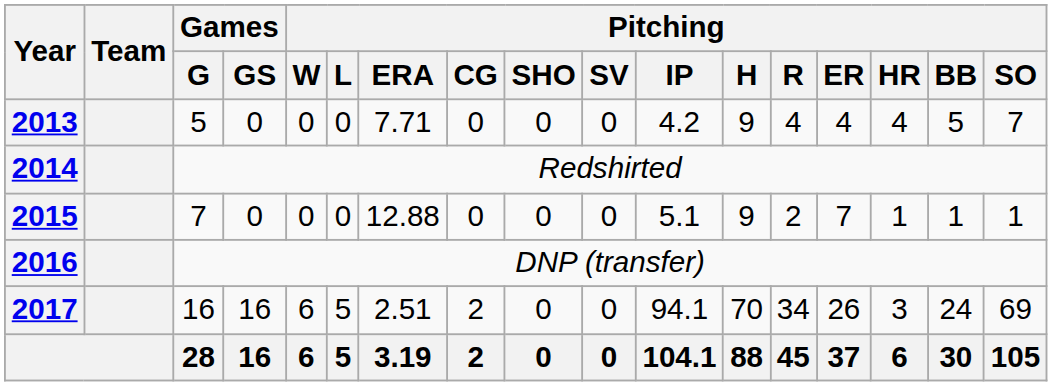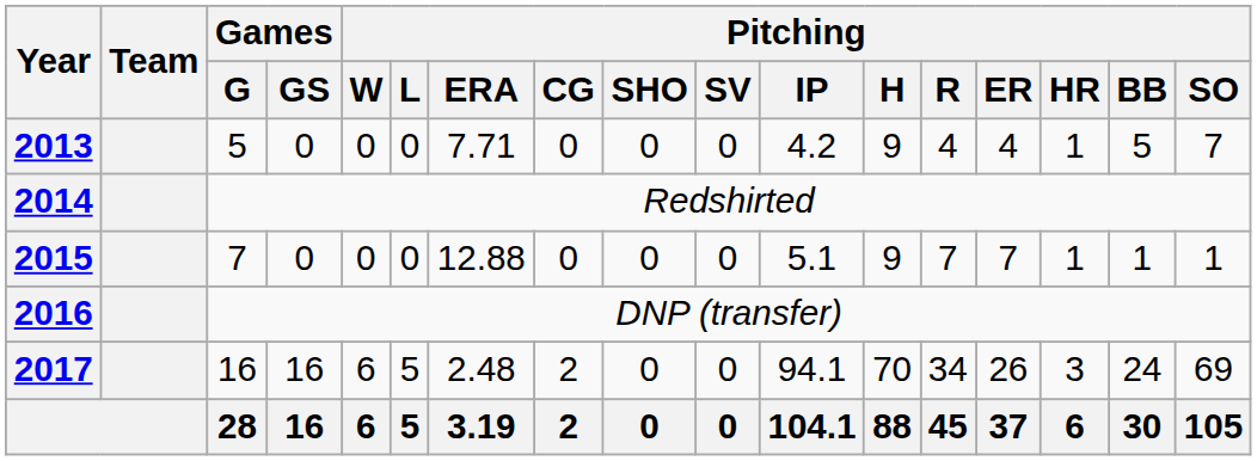 <table class="wikitable" style="text-align:center;">
 <tr>
 <th rowspan="2">Year</th>
 <th rowspan="2">Team</th>
 <th colspan="2">Games</th>
 <th colspan="13">Pitching</th>
 </tr>
 <tr>
 <th>G</th>
 <th>GS</th>
 <th>W</th>
 <th>L</th>
 <th>ERA</th>
 <th>CG</th>
 <th>SHO</th>
 <th>SV</th>
 <th>IP</th>
 <th>H</th>
 <th>R</th>
 <th>ER</th>
 <th>HR</th>
 <th>BB</th>
 <th>SO</th>
 </tr>
 <tr>
 <th><a href='#'>2013</a></th>
 <th><a href='#'></a></th>
 <td>5</td>
 <td>0</td>
 <td>0</td>
 <td>0</td>
 <td>7.71</td>
 <td>0</td>
 <td>0</td>
 <td>0</td>
 <td>4.2</td>
 <td>9</td>
 <td>4</td>
 <td>4</td>
-<td>4</td>
+<td>1</td>
 <td>5</td>
 <td>7</td>
 </tr>
 <tr>
 <th><a href='#'>2014</a></th>
 <th><a href='#'></a></th>
 <td colspan="15"><em>Redshirted </em></td>
 </tr>
 <tr>
 <th><a href='#'>2015</a></th>
 <th><a href='#'></a></th>
 <td>7</td>
 <td>0</td>
 <td>0</td>
 <td>0</td>
 <td>12.88</td>
 <td>0</td>
 <td>0</td>
 <td>0</td>
 <td>5.1</td>
 <td>9</td>
-<td>2</td>
+<td>7</td>
 <td>7</td>
 <td>1</td>
 <td>1</td>
 <td>1</td>
 </tr>
 <tr>
 <th><a href='#'>2016</a></th>
 <th><a href='#'></a></th>
 <td colspan="15"><em>DNP (transfer)</em></td>
 </tr>
 <tr>
 <th><a href='#'>2017</a></th>
 <th><a href='#'></a></th>
 <td>16</td>
 <td>16</td>
 <td>6</td>
 <td>5</td>
-<td>2.51</td>
+<td>2.48</td>
 <td>2</td>
 <td>0</td>
 <td>0</td>
 <td>94.1</td>
 <td>70</td>
 <td>34</td>
 <td>26</td>
 <td>3</td>
 <td>24</td>
 <td>69</td>
 </tr>
 <tr>
 <th align=center colspan="2"></th>
 <th>28</th>
 <th>16</th>
 <th>6</th>
 <th>5</th>
 <th>3.19</th>
 <th>2</th>
 <th>0</th>
 <th>0</th>
 <th>104.1</th>
 <th>88</th>
 <th>45</th>
 <th>37</th>
 <th>6</th>
 <th>30</th>
 <th>105</th>
 </tr>
 </table>
